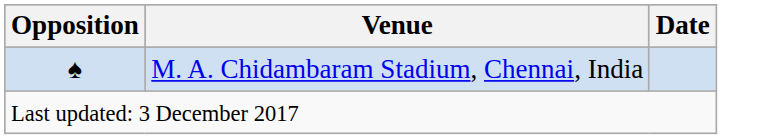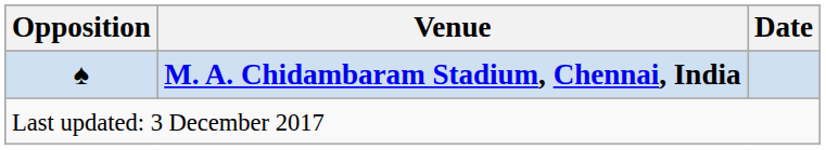 <table class="wikitable sortable">
 <tr>
 <th scope=col>Opposition</th>
 <th scope=col>Venue</th>
 <th scope=col>Date</th>
 </tr>
 <tr bgcolor=#cee0f2>
 <th scope=row style="background:#cee0f2;"> ♠</th>
-<td><a href='#'>M. A. Chidambaram Stadium</a>, <a href='#'>Chennai</a>, India</td>
+<td><strong><a href='#'>M. A. Chidambaram Stadium</a>, <a href='#'>Chennai</a>, India</strong></td>
 <td></td>
 </tr>
 <tr class=sortbottom>
 <td colspan=3><small>Last updated: 3 December 2017</small></td>
 </tr>
 </table>
